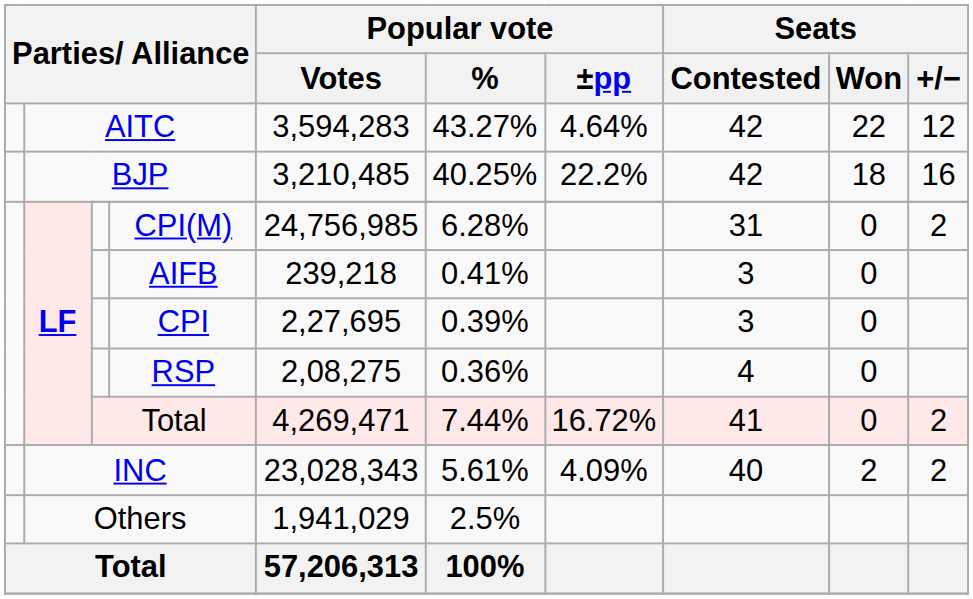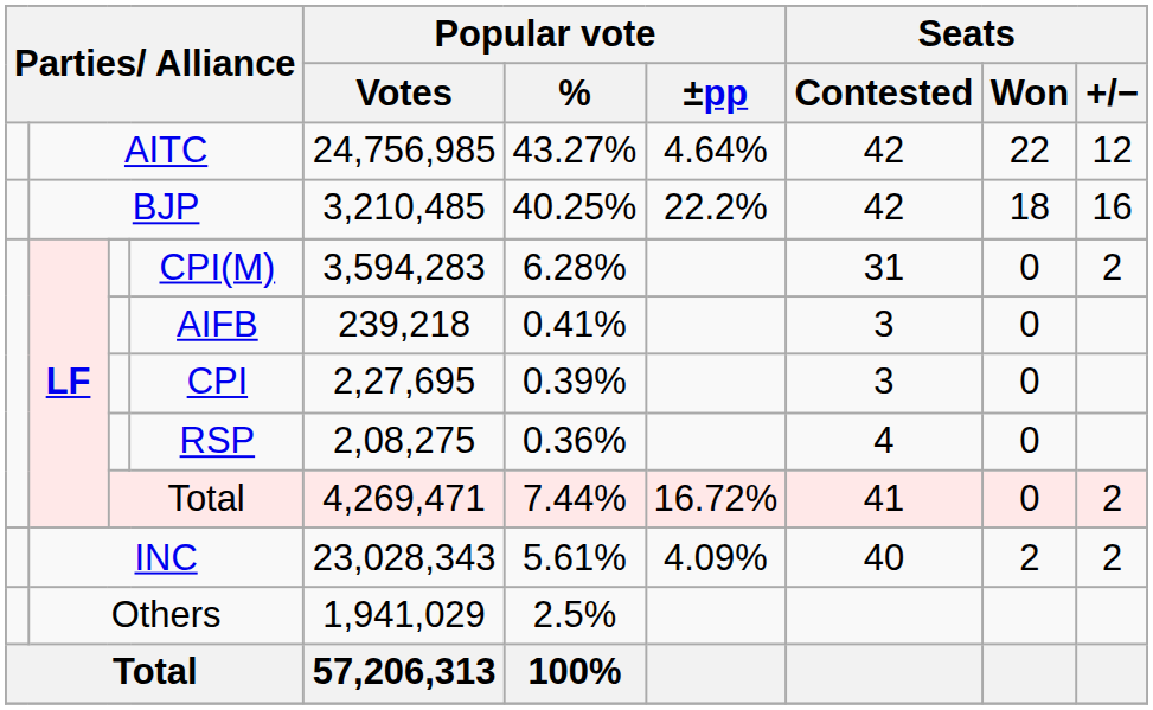 <table class="wikitable sortable" style="text-align:center;">
 <tr>
 <th colspan="4" rowspan="2">Parties/ Alliance</th>
 <th colspan="3">Popular vote</th>
 <th colspan="3">Seats</th>
 </tr>
 <tr>
 <th>Votes</th>
 <th>%</th>
 <th>±<a href='#'>pp</a></th>
 <th>Contested</th>
 <th>Won</th>
 <th><strong>+/−</strong></th>
 </tr>
 <tr>
 <td></td>
 <td colspan="3"><a href='#'>AITC</a></td>
-<td>3,594,283</td>
+<td>24,756,985</td>
 <td>43.27%</td>
 <td> 4.64%</td>
 <td>42</td>
 <td>22</td>
 <td> 12</td>
 </tr>
 <tr>
 <td></td>
 <td colspan="3"><a href='#'>BJP</a></td>
 <td>3,210,485</td>
 <td>40.25%</td>
 <td> 22.2%</td>
 <td>42</td>
 <td>18</td>
 <td> 16</td>
 </tr>
 <tr>
 <td rowspan="6"></td>
 <th rowspan="6" style="background:#ffe8e8"><a href='#'>LF</a></th>
 </tr>
 <tr>
 <td></td>
 <td><a href='#'>CPI(M)</a></td>
-<td>24,756,985</td>
+<td>3,594,283</td>
 <td>6.28%</td>
 <td></td>
 <td>31</td>
 <td>0</td>
 <td> 2</td>
 </tr>
 <tr>
 <td></td>
 <td><a href='#'>AIFB</a></td>
 <td>239,218</td>
 <td>0.41%</td>
 <td></td>
 <td>3</td>
 <td>0</td>
 <td></td>
 </tr>
 <tr>
 <td></td>
 <td><a href='#'>CPI</a></td>
 <td>2,27,695</td>
 <td>0.39%</td>
 <td></td>
 <td>3</td>
 <td>0</td>
 <td></td>
 </tr>
 <tr>
 <td></td>
 <td><a href='#'>RSP</a></td>
 <td>2,08,275</td>
 <td>0.36%</td>
 <td></td>
 <td>4</td>
 <td>0</td>
 <td></td>
 </tr>
 <tr>
 <td colspan="2" style="background:#ffe8e8">Total</td>
 <td style="background:#ffe8e8">4,269,471</td>
 <td style="background:#ffe8e8">7.44%</td>
 <td style="background:#ffe8e8"> 16.72%</td>
 <td style="background:#ffe8e8">41</td>
 <td style="background:#ffe8e8">0</td>
 <td style="background:#ffe8e8"> 2</td>
 </tr>
 <tr>
 <td></td>
 <td colspan="3"><a href='#'>INC</a></td>
 <td>23,028,343</td>
 <td>5.61%</td>
 <td> 4.09%</td>
 <td>40</td>
 <td>2</td>
 <td> 2</td>
 </tr>
 <tr>
 <td></td>
 <td colspan="3">Others</td>
 <td>1,941,029</td>
 <td>2.5%</td>
 <td></td>
 <td></td>
 <td></td>
 <td></td>
 </tr>
 <tr>
 <th colspan="4">Total</th>
 <th>57,206,313</th>
 <th>100%</th>
 <th></th>
 <th></th>
 <th></th>
 <th></th>
 </tr>
 <tr>
 </tr>
 </table>
